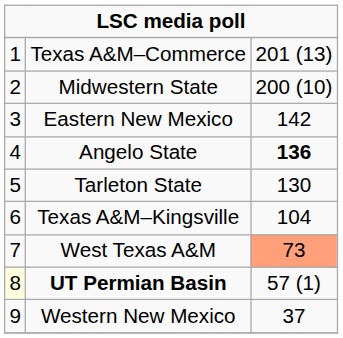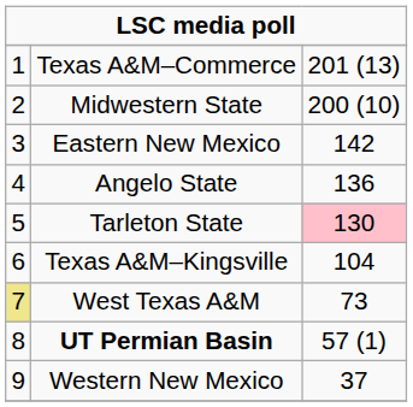 <table class="wikitable" style="display: inline-table;">
 <tr>
 <td align="center" Colspan="3"><strong>LSC media poll</strong></td>
 </tr>
 <tr align="center">
 </tr>
 <tr align="center">
 <td>1</td>
 <td>Texas A&M–Commerce</td>
 <td>201 (13)</td>
 </tr>
 <tr align="center">
 <td>2</td>
 <td>Midwestern State</td>
 <td>200 (10)</td>
 </tr>
 <tr align="center">
 <td>3</td>
 <td>Eastern New Mexico</td>
 <td>142</td>
 </tr>
 <tr align="center">
 <td>4</td>
 <td>Angelo State</td>
-<td><strong>136</strong></td>
+<td>136</td>
 </tr>
 <tr align="center">
 <td>5</td>
 <td>Tarleton State</td>
-<td>130</td>
+<td style="background: pink;">130</td>
 </tr>
 <tr align="center">
 <td>6</td>
 <td>Texas A&M–Kingsville</td>
 <td>104</td>
 </tr>
 <tr align="center">
-<td>7</td>
+<td style="background: khaki;">7</td>
 <td>West Texas A&M</td>
-<td style="background: lightsalmon;">73</td>
+<td>73</td>
 </tr>
 <tr align="center">
-<td style="background: lightyellow;">8</td>
+<td>8</td>
 <td><strong>UT Permian Basin</strong></td>
 <td>57 (1)</td>
 </tr>
 <tr align="center">
 <td>9</td>
 <td>Western New Mexico</td>
 <td>37</td>
 </tr>
 <tr>
 </tr>
 </table>
